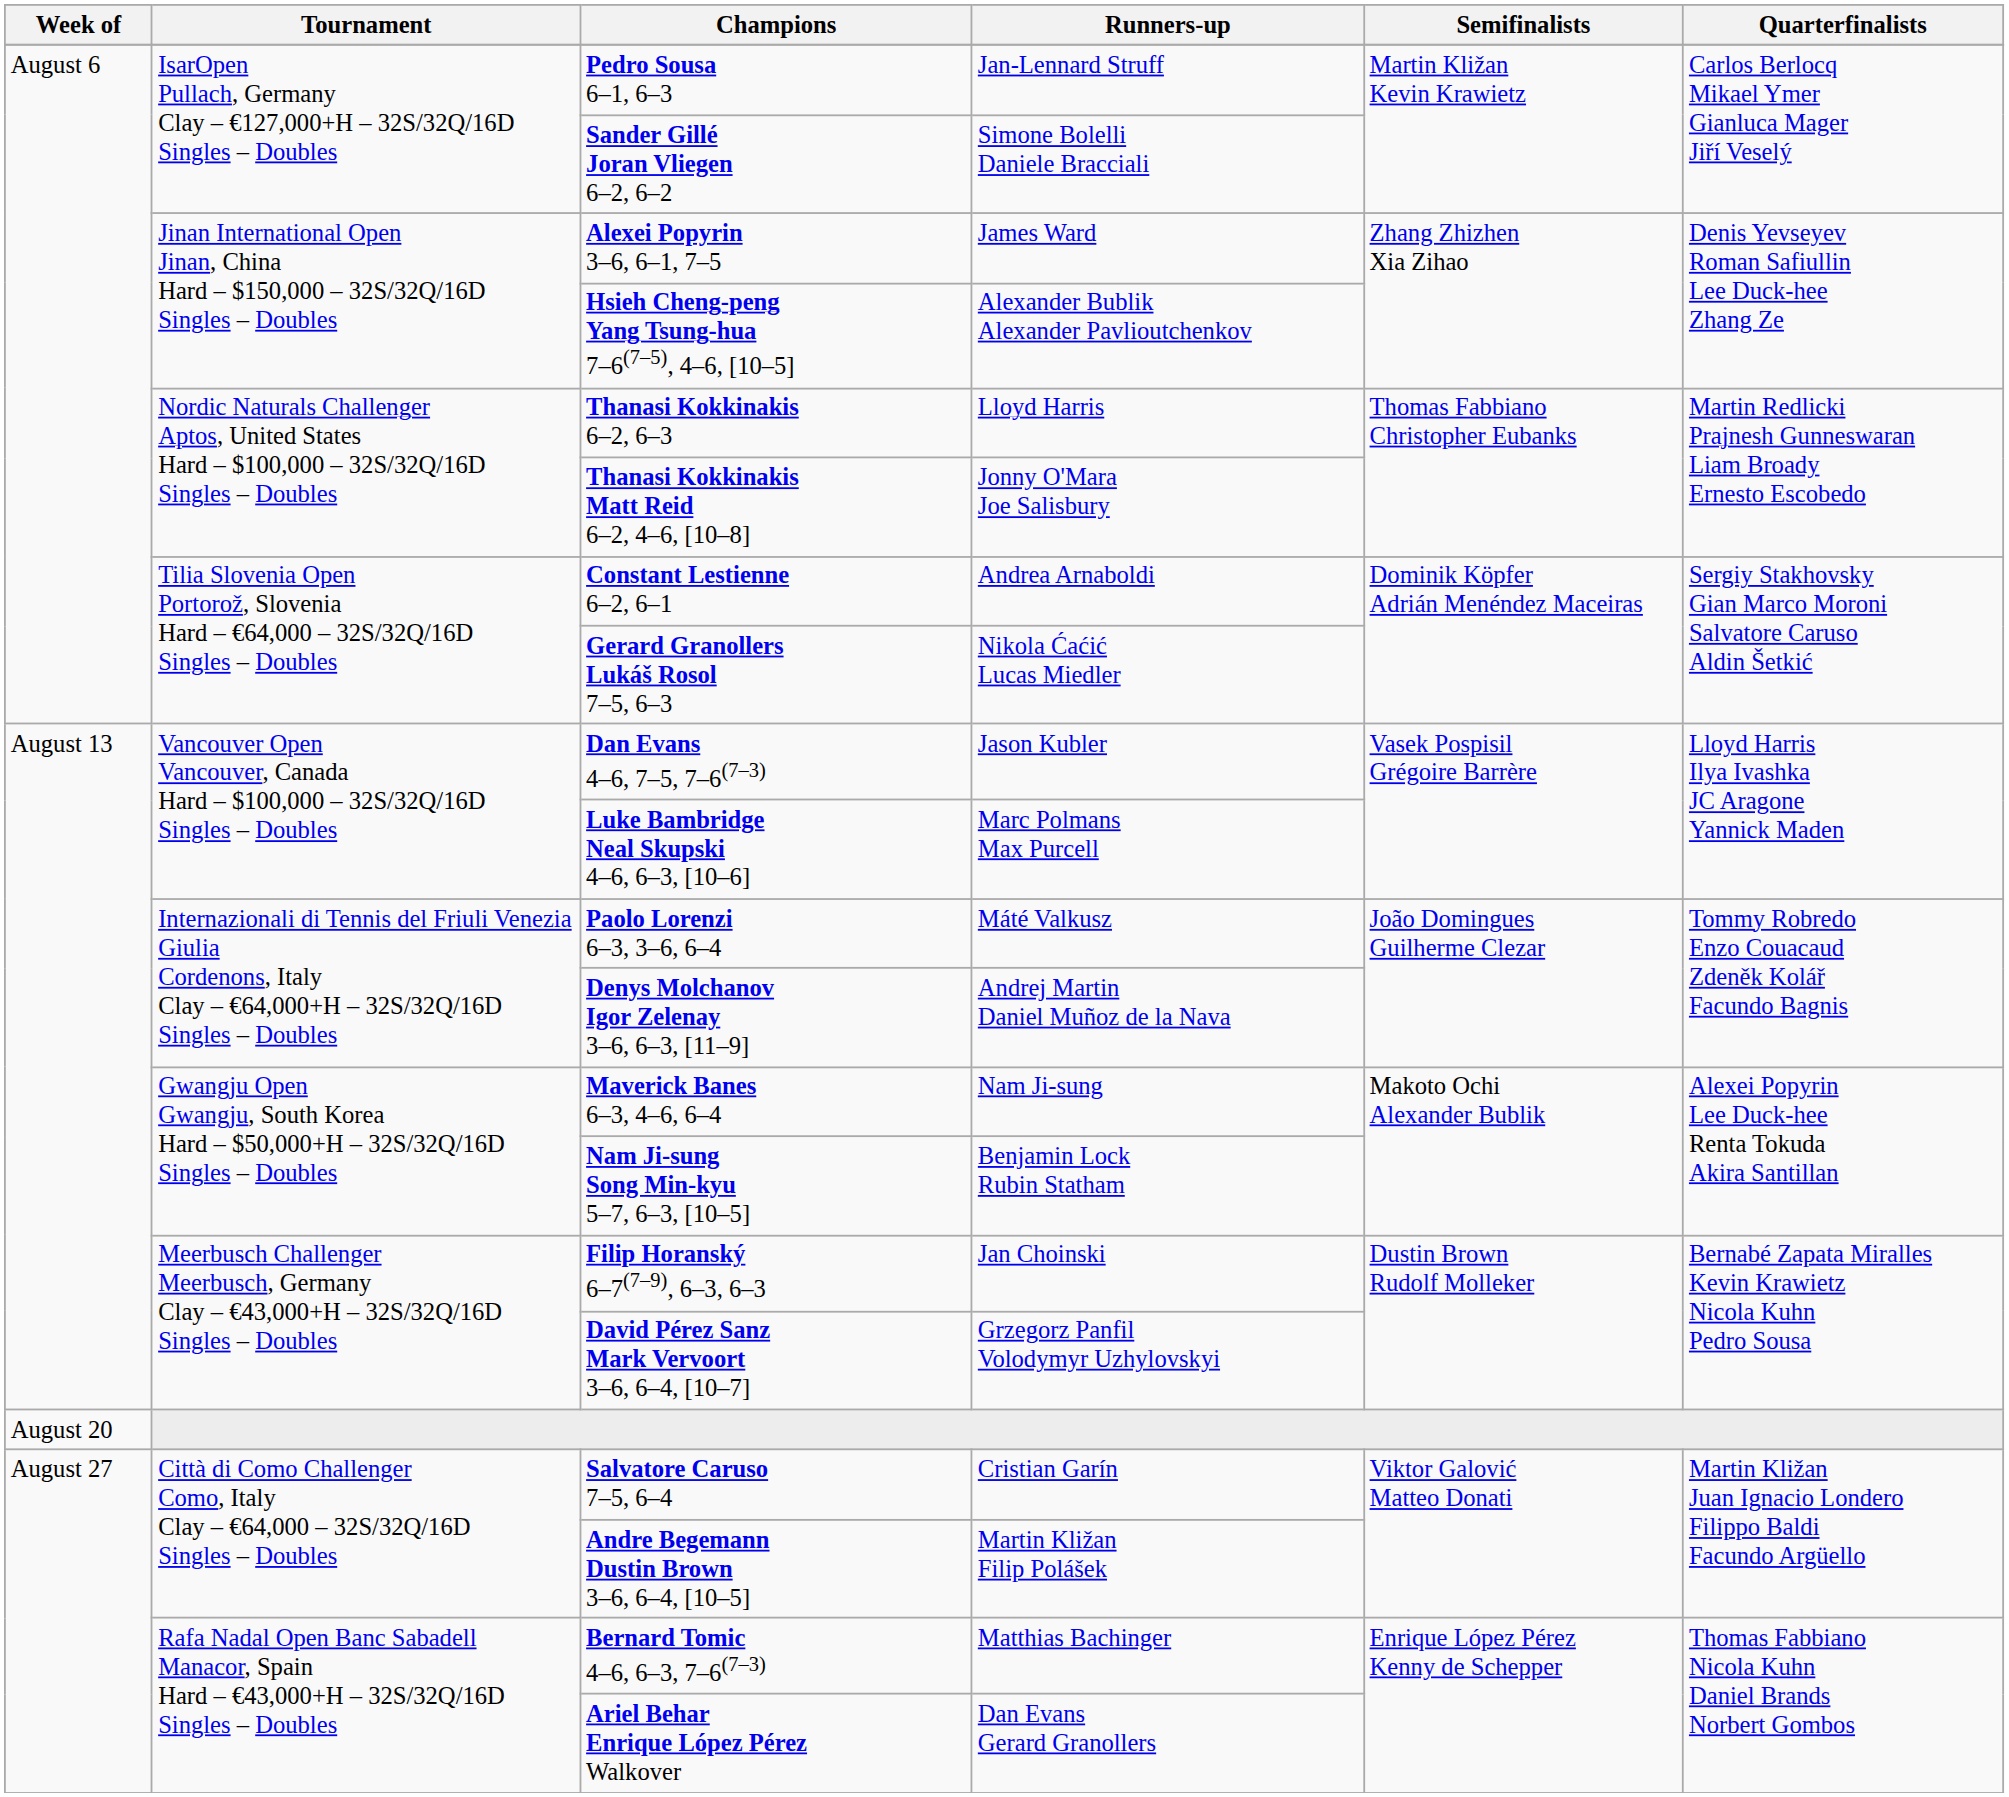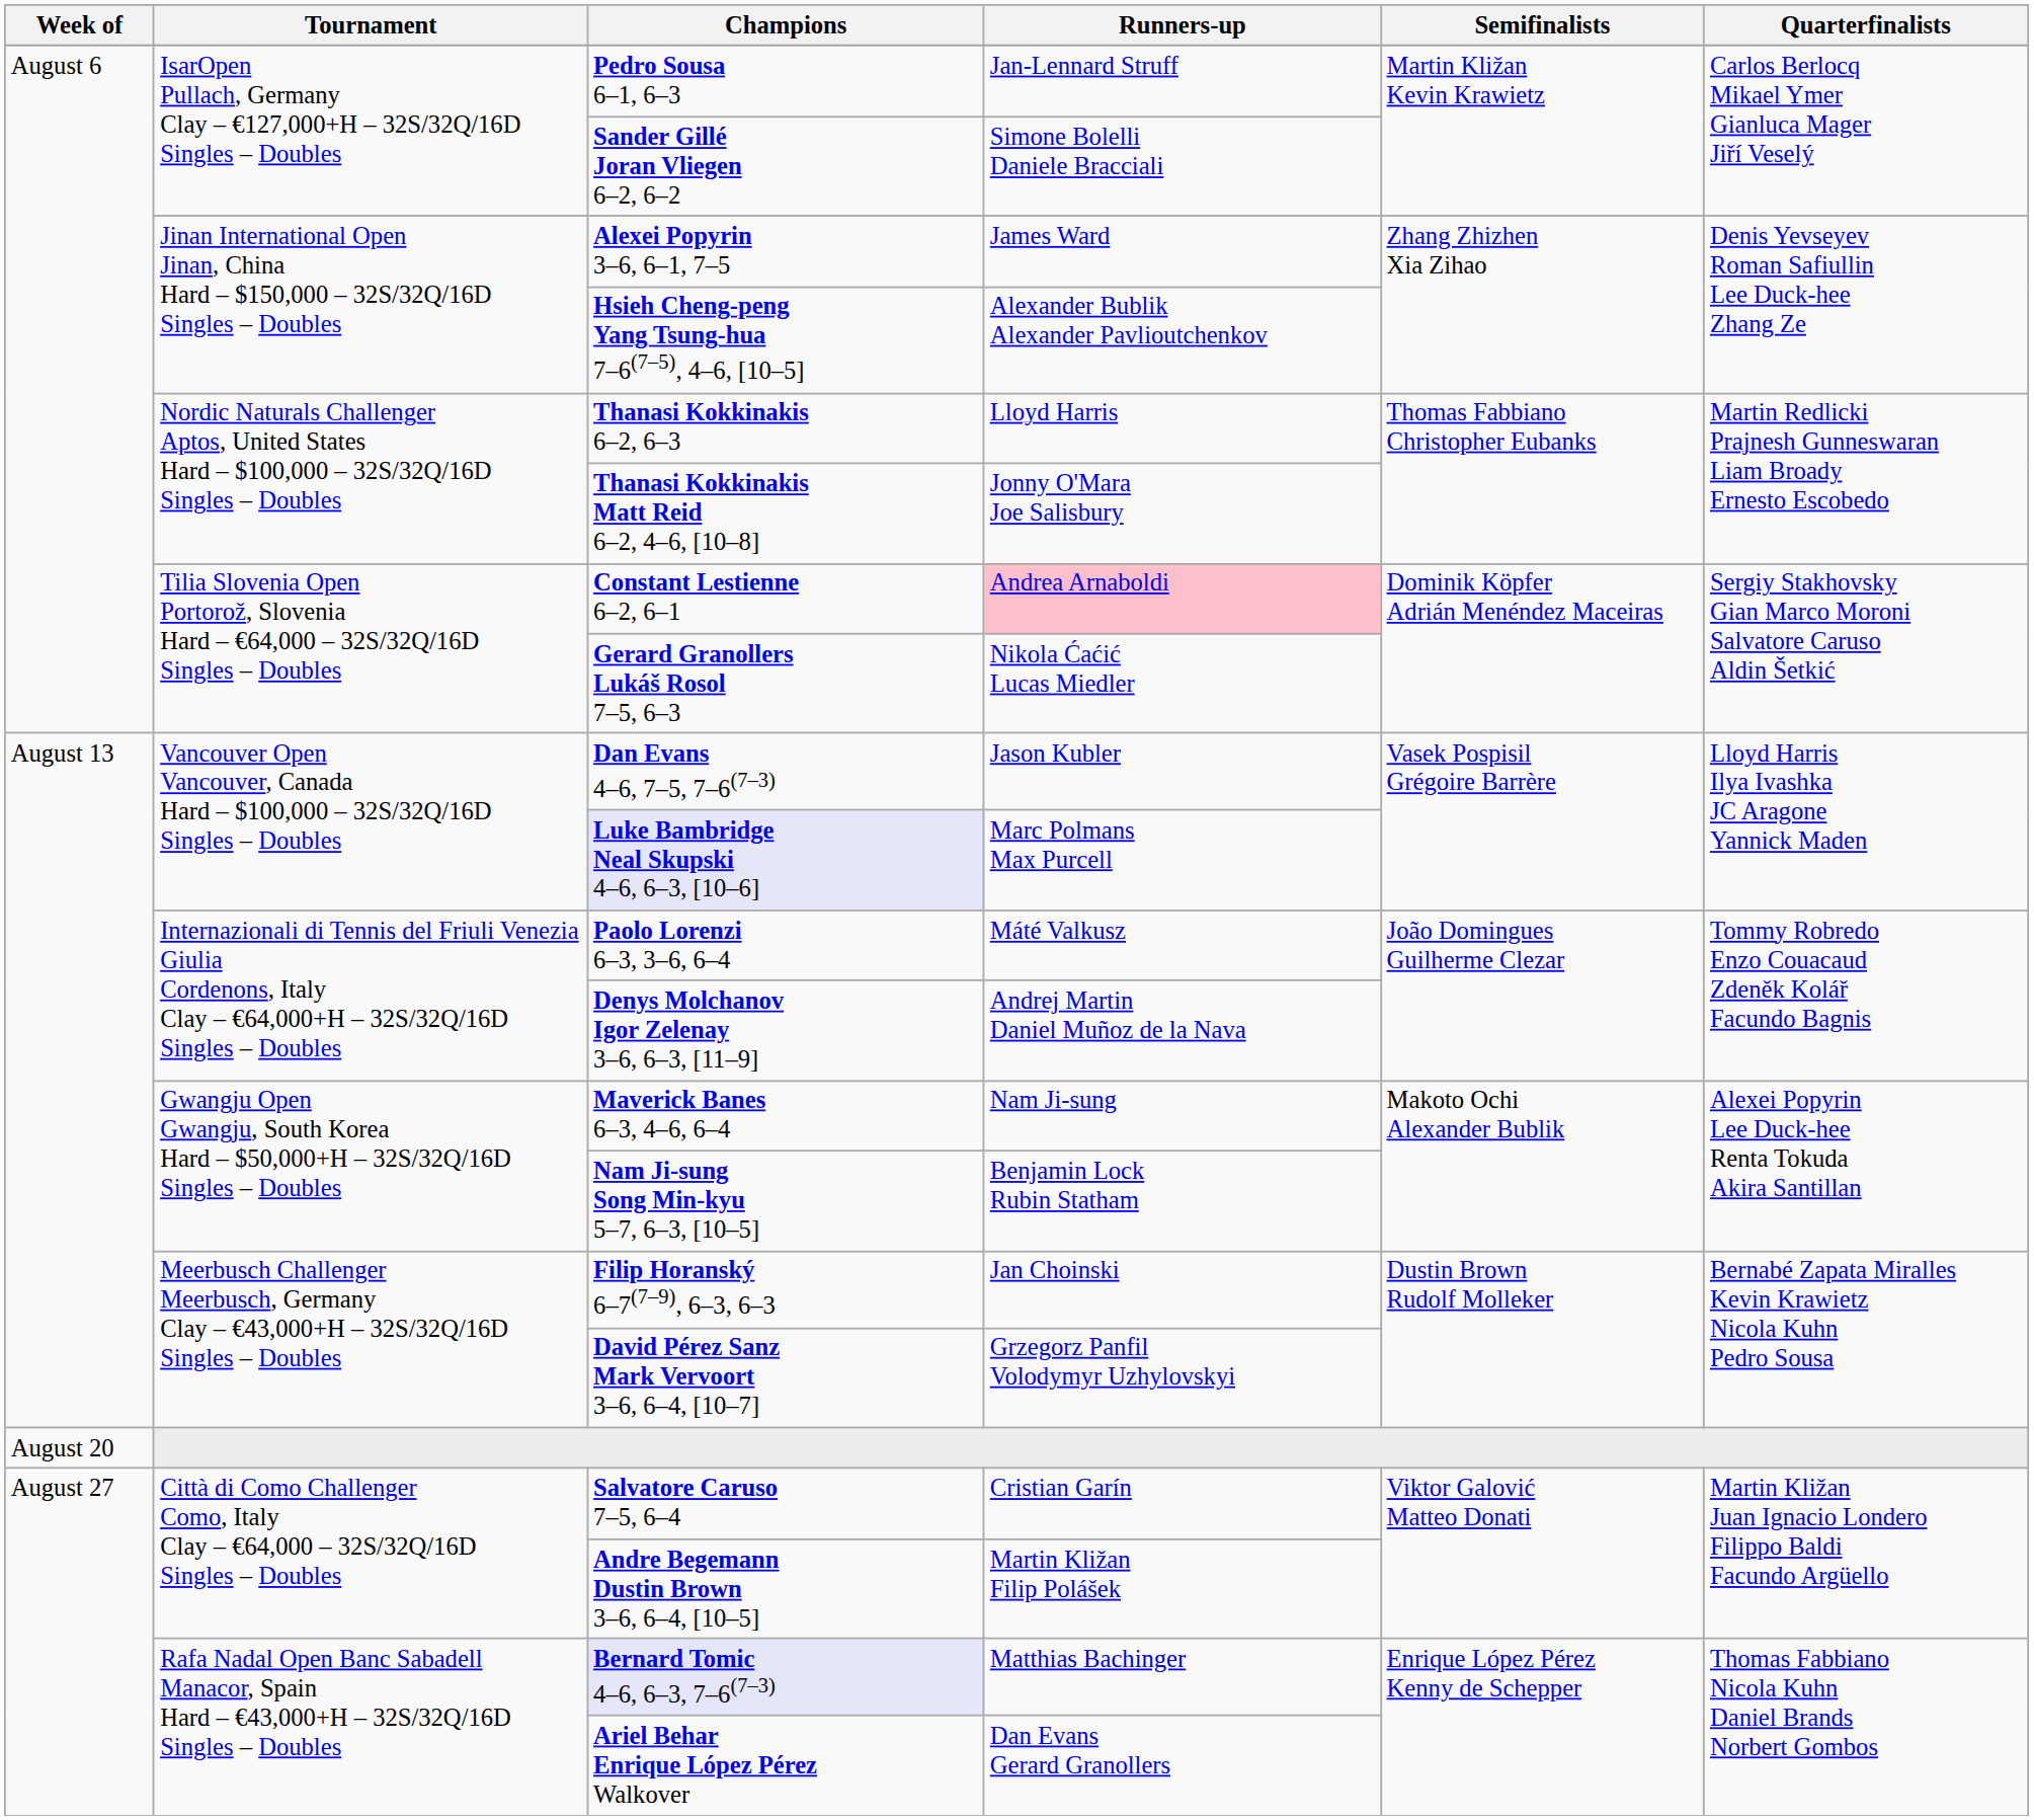 <table class="wikitable" style="font-size:85%;">
 <tr>
 <th width="75">Week of</th>
 <th width="230">Tournament</th>
 <th width="210">Champions</th>
 <th width="210">Runners-up</th>
 <th width="170">Semifinalists</th>
 <th width="170">Quarterfinalists</th>
 </tr>
 <tr>
 </tr>
 <tr valign=top>
 <td rowspan=8>August 6</td>
 <td rowspan=2><a href='#'>IsarOpen</a><br><a href='#'>Pullach</a>, Germany <br> Clay – €127,000+H – 32S/32Q/16D<br><a href='#'>Singles</a> – <a href='#'>Doubles</a></td>
 <td> <strong><a href='#'>Pedro Sousa</a></strong><br>6–1, 6–3</td>
 <td> <a href='#'>Jan-Lennard Struff</a></td>
 <td rowspan=2> <a href='#'>Martin Kližan</a> <br>  <a href='#'>Kevin Krawietz</a></td>
 <td rowspan=2> <a href='#'>Carlos Berlocq</a> <br> <a href='#'>Mikael Ymer</a> <br> <a href='#'>Gianluca Mager</a> <br>  <a href='#'>Jiří Veselý</a></td>
 </tr>
 <tr valign=top>
 <td> <strong><a href='#'>Sander Gillé</a></strong><br> <strong><a href='#'>Joran Vliegen</a></strong><br>6–2, 6–2</td>
 <td> <a href='#'>Simone Bolelli</a><br> <a href='#'>Daniele Bracciali</a></td>
 </tr>
 <tr valign=top>
 <td rowspan=2><a href='#'>Jinan International Open</a><br><a href='#'>Jinan</a>, China <br> Hard – $150,000 – 32S/32Q/16D<br><a href='#'>Singles</a> – <a href='#'>Doubles</a></td>
 <td> <strong><a href='#'>Alexei Popyrin</a></strong><br>3–6, 6–1, 7–5</td>
 <td> <a href='#'>James Ward</a></td>
 <td rowspan=2> <a href='#'>Zhang Zhizhen</a> <br>  Xia Zihao</td>
 <td rowspan=2> <a href='#'>Denis Yevseyev</a> <br> <a href='#'>Roman Safiullin</a> <br> <a href='#'>Lee Duck-hee</a> <br>  <a href='#'>Zhang Ze</a></td>
 </tr>
 <tr valign=top>
 <td> <strong><a href='#'>Hsieh Cheng-peng</a></strong><br> <strong><a href='#'>Yang Tsung-hua</a></strong><br>7–6<sup>(7–5)</sup>, 4–6, [10–5]</td>
 <td> <a href='#'>Alexander Bublik</a><br> <a href='#'>Alexander Pavlioutchenkov</a></td>
 </tr>
 <tr valign=top>
 <td rowspan=2><a href='#'>Nordic Naturals Challenger</a><br><a href='#'>Aptos</a>, United States <br> Hard – $100,000 – 32S/32Q/16D<br><a href='#'>Singles</a> – <a href='#'>Doubles</a></td>
 <td> <strong><a href='#'>Thanasi Kokkinakis</a></strong><br>6–2, 6–3</td>
 <td> <a href='#'>Lloyd Harris</a></td>
 <td rowspan=2> <a href='#'>Thomas Fabbiano</a> <br>  <a href='#'>Christopher Eubanks</a></td>
 <td rowspan=2> <a href='#'>Martin Redlicki</a> <br> <a href='#'>Prajnesh Gunneswaran</a> <br> <a href='#'>Liam Broady</a> <br>  <a href='#'>Ernesto Escobedo</a></td>
 </tr>
 <tr valign=top>
 <td> <strong><a href='#'>Thanasi Kokkinakis</a></strong><br> <strong><a href='#'>Matt Reid</a></strong><br>6–2, 4–6, [10–8]</td>
 <td> <a href='#'>Jonny O'Mara</a><br> <a href='#'>Joe Salisbury</a></td>
 </tr>
 <tr valign=top>
 <td rowspan=2><a href='#'>Tilia Slovenia Open</a><br><a href='#'>Portorož</a>, Slovenia<br> Hard – €64,000 – 32S/32Q/16D<br><a href='#'>Singles</a> – <a href='#'>Doubles</a></td>
 <td> <strong><a href='#'>Constant Lestienne</a></strong><br>6–2, 6–1</td>
-<td> <a href='#'>Andrea Arnaboldi</a></td>
+<td style="background: pink;"> <a href='#'>Andrea Arnaboldi</a></td>
 <td rowspan=2> <a href='#'>Dominik Köpfer</a> <br>  <a href='#'>Adrián Menéndez Maceiras</a></td>
 <td rowspan=2> <a href='#'>Sergiy Stakhovsky</a> <br> <a href='#'>Gian Marco Moroni</a> <br> <a href='#'>Salvatore Caruso</a> <br>  <a href='#'>Aldin Šetkić</a></td>
 </tr>
 <tr valign=top>
 <td> <strong><a href='#'>Gerard Granollers</a></strong><br> <strong><a href='#'>Lukáš Rosol</a></strong><br>7–5, 6–3</td>
 <td> <a href='#'>Nikola Ćaćić</a><br> <a href='#'>Lucas Miedler</a></td>
 </tr>
 <tr valign=top>
 <td rowspan=8>August 13</td>
 <td rowspan=2><a href='#'>Vancouver Open</a><br><a href='#'>Vancouver</a>, Canada <br> Hard – $100,000 – 32S/32Q/16D<br><a href='#'>Singles</a> – <a href='#'>Doubles</a></td>
 <td> <strong><a href='#'>Dan Evans</a></strong><br>4–6, 7–5, 7–6<sup>(7–3)</sup></td>
 <td> <a href='#'>Jason Kubler</a></td>
 <td rowspan=2> <a href='#'>Vasek Pospisil</a> <br>  <a href='#'>Grégoire Barrère</a></td>
 <td rowspan=2> <a href='#'>Lloyd Harris</a> <br> <a href='#'>Ilya Ivashka</a> <br> <a href='#'>JC Aragone</a> <br>  <a href='#'>Yannick Maden</a></td>
 </tr>
 <tr valign=top>
-<td> <strong><a href='#'>Luke Bambridge</a></strong><br> <strong><a href='#'>Neal Skupski</a></strong><br>4–6, 6–3, [10–6]</td>
+<td style="background: lavender;"> <strong><a href='#'>Luke Bambridge</a></strong><br> <strong><a href='#'>Neal Skupski</a></strong><br>4–6, 6–3, [10–6]</td>
 <td> <a href='#'>Marc Polmans</a><br> <a href='#'>Max Purcell</a></td>
 </tr>
 <tr valign=top>
 <td rowspan=2><a href='#'>Internazionali di Tennis del Friuli Venezia Giulia</a><br><a href='#'>Cordenons</a>, Italy <br> Clay – €64,000+H – 32S/32Q/16D<br><a href='#'>Singles</a> – <a href='#'>Doubles</a></td>
 <td> <strong><a href='#'>Paolo Lorenzi</a></strong><br>6–3, 3–6, 6–4</td>
 <td> <a href='#'>Máté Valkusz</a></td>
 <td rowspan=2> <a href='#'>João Domingues</a> <br>  <a href='#'>Guilherme Clezar</a></td>
 <td rowspan=2> <a href='#'>Tommy Robredo</a> <br> <a href='#'>Enzo Couacaud</a> <br> <a href='#'>Zdeněk Kolář</a> <br>  <a href='#'>Facundo Bagnis</a></td>
 </tr>
 <tr valign=top>
 <td> <strong><a href='#'>Denys Molchanov</a></strong><br> <strong><a href='#'>Igor Zelenay</a></strong><br>3–6, 6–3, [11–9]</td>
 <td> <a href='#'>Andrej Martin</a><br> <a href='#'>Daniel Muñoz de la Nava</a></td>
 </tr>
 <tr valign=top>
 <td rowspan=2><a href='#'>Gwangju Open</a><br><a href='#'>Gwangju</a>, South Korea <br> Hard – $50,000+H – 32S/32Q/16D<br><a href='#'>Singles</a> – <a href='#'>Doubles</a></td>
 <td> <strong><a href='#'>Maverick Banes</a></strong><br>6–3, 4–6, 6–4</td>
 <td> <a href='#'>Nam Ji-sung</a></td>
 <td rowspan=2> Makoto Ochi <br>  <a href='#'>Alexander Bublik</a></td>
 <td rowspan=2> <a href='#'>Alexei Popyrin</a> <br> <a href='#'>Lee Duck-hee</a> <br> Renta Tokuda <br>  <a href='#'>Akira Santillan</a></td>
 </tr>
 <tr valign=top>
 <td> <strong><a href='#'>Nam Ji-sung</a></strong><br> <strong><a href='#'>Song Min-kyu</a></strong><br>5–7, 6–3, [10–5]</td>
 <td> <a href='#'>Benjamin Lock</a><br> <a href='#'>Rubin Statham</a></td>
 </tr>
 <tr valign=top>
 <td rowspan=2><a href='#'>Meerbusch Challenger</a><br><a href='#'>Meerbusch</a>, Germany <br> Clay – €43,000+H – 32S/32Q/16D<br><a href='#'>Singles</a> – <a href='#'>Doubles</a></td>
 <td> <strong><a href='#'>Filip Horanský</a></strong><br>6–7<sup>(7–9)</sup>, 6–3, 6–3</td>
 <td> <a href='#'>Jan Choinski</a></td>
 <td rowspan=2> <a href='#'>Dustin Brown</a> <br>  <a href='#'>Rudolf Molleker</a></td>
 <td rowspan=2> <a href='#'>Bernabé Zapata Miralles</a> <br> <a href='#'>Kevin Krawietz</a> <br> <a href='#'>Nicola Kuhn</a> <br>  <a href='#'>Pedro Sousa</a></td>
 </tr>
 <tr valign=top>
 <td> <strong><a href='#'>David Pérez Sanz</a></strong><br> <strong><a href='#'>Mark Vervoort</a></strong><br>3–6, 6–4, [10–7]</td>
 <td> <a href='#'>Grzegorz Panfil</a><br> <a href='#'>Volodymyr Uzhylovskyi</a></td>
 </tr>
 <tr valign=top>
 <td rowspan=1>August 20</td>
 <td colspan=5 bgcolor="#ededed"></td>
 </tr>
 <tr valign=top>
 <td rowspan=4>August 27</td>
 <td rowspan=2><a href='#'>Città di Como Challenger</a><br><a href='#'>Como</a>, Italy <br> Clay – €64,000 – 32S/32Q/16D<br><a href='#'>Singles</a> – <a href='#'>Doubles</a></td>
 <td> <strong><a href='#'>Salvatore Caruso</a></strong><br>7–5, 6–4</td>
 <td> <a href='#'>Cristian Garín</a></td>
 <td rowspan=2> <a href='#'>Viktor Galović</a> <br>  <a href='#'>Matteo Donati</a></td>
 <td rowspan=2> <a href='#'>Martin Kližan</a> <br>  <a href='#'>Juan Ignacio Londero</a> <br> <a href='#'>Filippo Baldi</a> <br>  <a href='#'>Facundo Argüello</a></td>
 </tr>
 <tr valign=top>
 <td> <strong><a href='#'>Andre Begemann</a></strong><br> <strong><a href='#'>Dustin Brown</a></strong><br>3–6, 6–4, [10–5]</td>
 <td> <a href='#'>Martin Kližan</a><br> <a href='#'>Filip Polášek</a></td>
 </tr>
 <tr valign=top>
 <td rowspan=2><a href='#'>Rafa Nadal Open Banc Sabadell</a><br><a href='#'>Manacor</a>, Spain <br> Hard – €43,000+H – 32S/32Q/16D<br><a href='#'>Singles</a> – <a href='#'>Doubles</a></td>
-<td> <strong><a href='#'>Bernard Tomic</a></strong><br>4–6, 6–3, 7–6<sup>(7–3)</sup></td>
+<td style="background: lavender;"> <strong><a href='#'>Bernard Tomic</a></strong><br>4–6, 6–3, 7–6<sup>(7–3)</sup></td>
 <td> <a href='#'>Matthias Bachinger</a></td>
 <td rowspan=2> <a href='#'>Enrique López Pérez</a> <br>  <a href='#'>Kenny de Schepper</a></td>
 <td rowspan=2> <a href='#'>Thomas Fabbiano</a> <br> <a href='#'>Nicola Kuhn</a> <br> <a href='#'>Daniel Brands</a> <br>  <a href='#'>Norbert Gombos</a></td>
 </tr>
 <tr valign=top>
 <td> <strong><a href='#'>Ariel Behar</a></strong><br> <strong><a href='#'>Enrique López Pérez</a></strong><br>Walkover</td>
 <td> <a href='#'>Dan Evans</a><br> <a href='#'>Gerard Granollers</a></td>
 </tr>
 <tr valign=top>
 </tr>
 </table>
